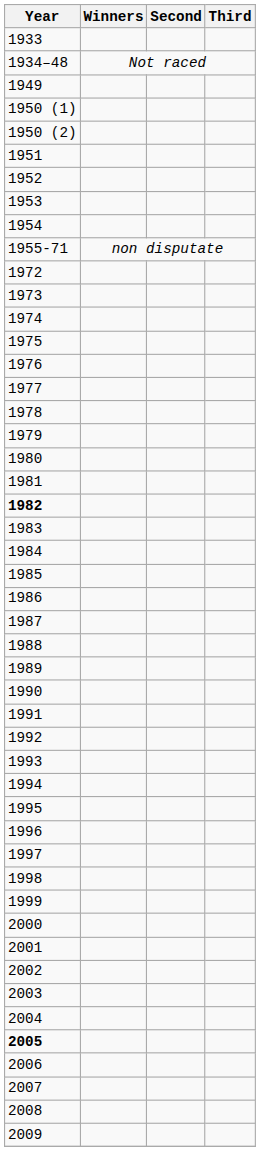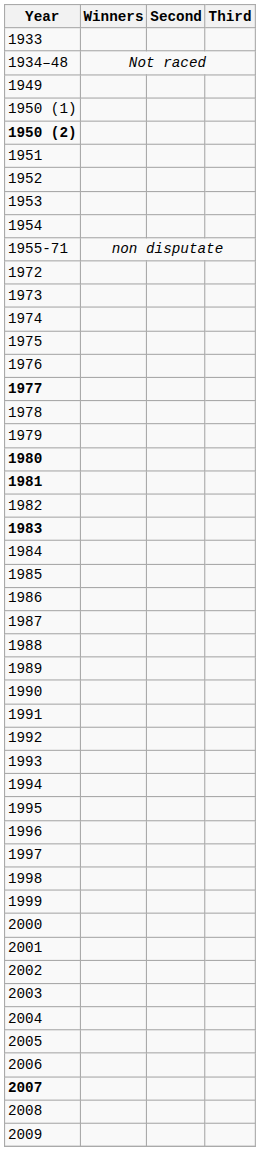 <table class="wikitable">
 <tr>
 <th>Year</th>
 <th>Winners</th>
 <th>Second</th>
 <th>Third</th>
 </tr>
 <tr>
 <td>1933</td>
 <td> <br> </td>
 <td> <br> </td>
 <td> <br> </td>
 </tr>
 <tr>
 <td>1934–48</td>
 <td colspan=3 align=center><em>Not raced</em></td>
 </tr>
 <tr>
 <td>1949</td>
 <td> <br> </td>
 <td> <br> </td>
 <td> <br> </td>
 </tr>
 <tr>
 <td>1950 (1)</td>
 <td> <br> </td>
 <td> <br> </td>
 <td> <br> </td>
 </tr>
 <tr>
-<td>1950 (2)</td>
+<td><strong>1950 (2)</strong></td>
 <td> <br> </td>
 <td> <br> </td>
 <td> <br> </td>
 </tr>
 <tr>
 <td>1951</td>
 <td> <br> </td>
 <td> <br> </td>
 <td> <br> </td>
 </tr>
 <tr>
 <td>1952</td>
 <td> <br> </td>
 <td> <br> </td>
 <td> <br> </td>
 </tr>
 <tr>
 <td>1953</td>
 <td> <br> </td>
 <td> <br> </td>
 <td> <br> </td>
 </tr>
 <tr>
 <td>1954</td>
 <td> <br> </td>
 <td> <br> </td>
 <td> <br> </td>
 </tr>
 <tr>
 <td>1955-71</td>
 <td colspan=3 align=center><em>non disputate</em></td>
 </tr>
 <tr>
 <td>1972</td>
 <td> <br> </td>
 <td> <br> </td>
 <td> <br> </td>
 </tr>
 <tr>
 <td>1973</td>
 <td> <br> </td>
 <td> <br> </td>
 <td> <br> </td>
 </tr>
 <tr>
 <td>1974</td>
 <td> <br> </td>
 <td> <br> </td>
 <td> <br> </td>
 </tr>
 <tr>
 <td>1975</td>
 <td> <br> </td>
 <td> <br> </td>
 <td> <br> </td>
 </tr>
 <tr>
 <td>1976</td>
 <td> <br> </td>
 <td> <br> </td>
 <td> <br> </td>
 </tr>
 <tr>
-<td>1977</td>
+<td><strong>1977</strong></td>
 <td> <br> </td>
 <td> <br> </td>
 <td> <br> </td>
 </tr>
 <tr>
 <td>1978</td>
 <td> <br> </td>
 <td> <br> </td>
 <td> <br> </td>
 </tr>
 <tr>
 <td>1979</td>
 <td> <br> </td>
 <td> <br> </td>
 <td> <br> </td>
 </tr>
 <tr>
-<td>1980</td>
+<td><strong>1980</strong></td>
 <td> <br> </td>
 <td> <br> </td>
 <td> <br> </td>
 </tr>
 <tr>
-<td>1981</td>
+<td><strong>1981</strong></td>
 <td> <br> </td>
 <td> <br> </td>
 <td> <br> </td>
 </tr>
 <tr>
-<td><strong>1982</strong></td>
+<td>1982</td>
 <td> <br> </td>
 <td> <br> </td>
 <td> <br> </td>
 </tr>
 <tr>
-<td>1983</td>
+<td><strong>1983</strong></td>
 <td> <br> </td>
 <td> <br> </td>
 <td> <br> </td>
 </tr>
 <tr>
 <td>1984</td>
 <td> <br> </td>
 <td> <br> </td>
 <td> <br> </td>
 </tr>
 <tr>
 <td>1985</td>
 <td> <br> </td>
 <td> <br> </td>
 <td> <br> </td>
 </tr>
 <tr>
 <td>1986</td>
 <td> <br> </td>
 <td> <br> </td>
 <td> <br> </td>
 </tr>
 <tr>
 <td>1987</td>
 <td> <br> </td>
 <td> <br> </td>
 <td> <br> </td>
 </tr>
 <tr>
 <td>1988</td>
 <td> <br> </td>
 <td> <br> </td>
 <td> <br> </td>
 </tr>
 <tr>
 <td>1989</td>
 <td> <br> </td>
 <td> <br> </td>
 <td> <br> </td>
 </tr>
 <tr>
 <td>1990</td>
 <td> <br> </td>
 <td> <br> </td>
 <td> <br> </td>
 </tr>
 <tr>
 <td>1991</td>
 <td> <br> </td>
 <td> <br> </td>
 <td> <br> </td>
 </tr>
 <tr>
 <td>1992</td>
 <td> <br> </td>
 <td> <br> </td>
 <td> <br> </td>
 </tr>
 <tr>
 <td>1993</td>
 <td> <br> </td>
 <td> <br> </td>
 <td> <br> </td>
 </tr>
 <tr>
 <td>1994</td>
 <td> <br> </td>
 <td> <br> </td>
 <td> <br> </td>
 </tr>
 <tr>
 <td>1995</td>
 <td> <br> </td>
 <td> <br> </td>
 <td> <br> </td>
 </tr>
 <tr>
 <td>1996</td>
 <td> <br> </td>
 <td> <br> </td>
 <td> <br> </td>
 </tr>
 <tr>
 <td>1997</td>
 <td> <br> </td>
 <td> <br> </td>
 <td> <br> </td>
 </tr>
 <tr>
 <td>1998</td>
 <td> <br> </td>
 <td> <br> </td>
 <td> <br> </td>
 </tr>
 <tr>
 <td>1999</td>
 <td> <br> </td>
 <td> <br> </td>
 <td> <br> </td>
 </tr>
 <tr>
 <td>2000</td>
 <td> <br> </td>
 <td> <br> </td>
 <td> <br> </td>
 </tr>
 <tr>
 <td>2001</td>
 <td> <br> </td>
 <td> <br> </td>
 <td> <br> </td>
 </tr>
 <tr>
 <td>2002</td>
 <td> <br> </td>
 <td> <br> </td>
 <td> <br> </td>
 </tr>
 <tr>
 <td>2003</td>
 <td> <br> </td>
 <td> <br> </td>
 <td> <br> </td>
 </tr>
 <tr>
 <td>2004</td>
 <td> <br> </td>
 <td> <br> </td>
 <td> <br> </td>
 </tr>
 <tr>
-<td><strong>2005</strong></td>
+<td>2005</td>
 <td> <br> </td>
 <td> <br> </td>
 <td> <br> </td>
 </tr>
 <tr>
 <td>2006</td>
 <td> <br> </td>
 <td> <br> </td>
 <td> <br> </td>
 </tr>
 <tr>
-<td>2007</td>
+<td><strong>2007</strong></td>
 <td> <br> </td>
 <td> <br> </td>
 <td> <br> </td>
 </tr>
 <tr>
 <td>2008</td>
 <td> <br> </td>
 <td> <br> </td>
 <td> <br> </td>
 </tr>
 <tr>
 <td>2009</td>
 <td> <br> </td>
 <td> <br> </td>
 <td> <br> </td>
 </tr>
 <tr>
 </tr>
 </table>
